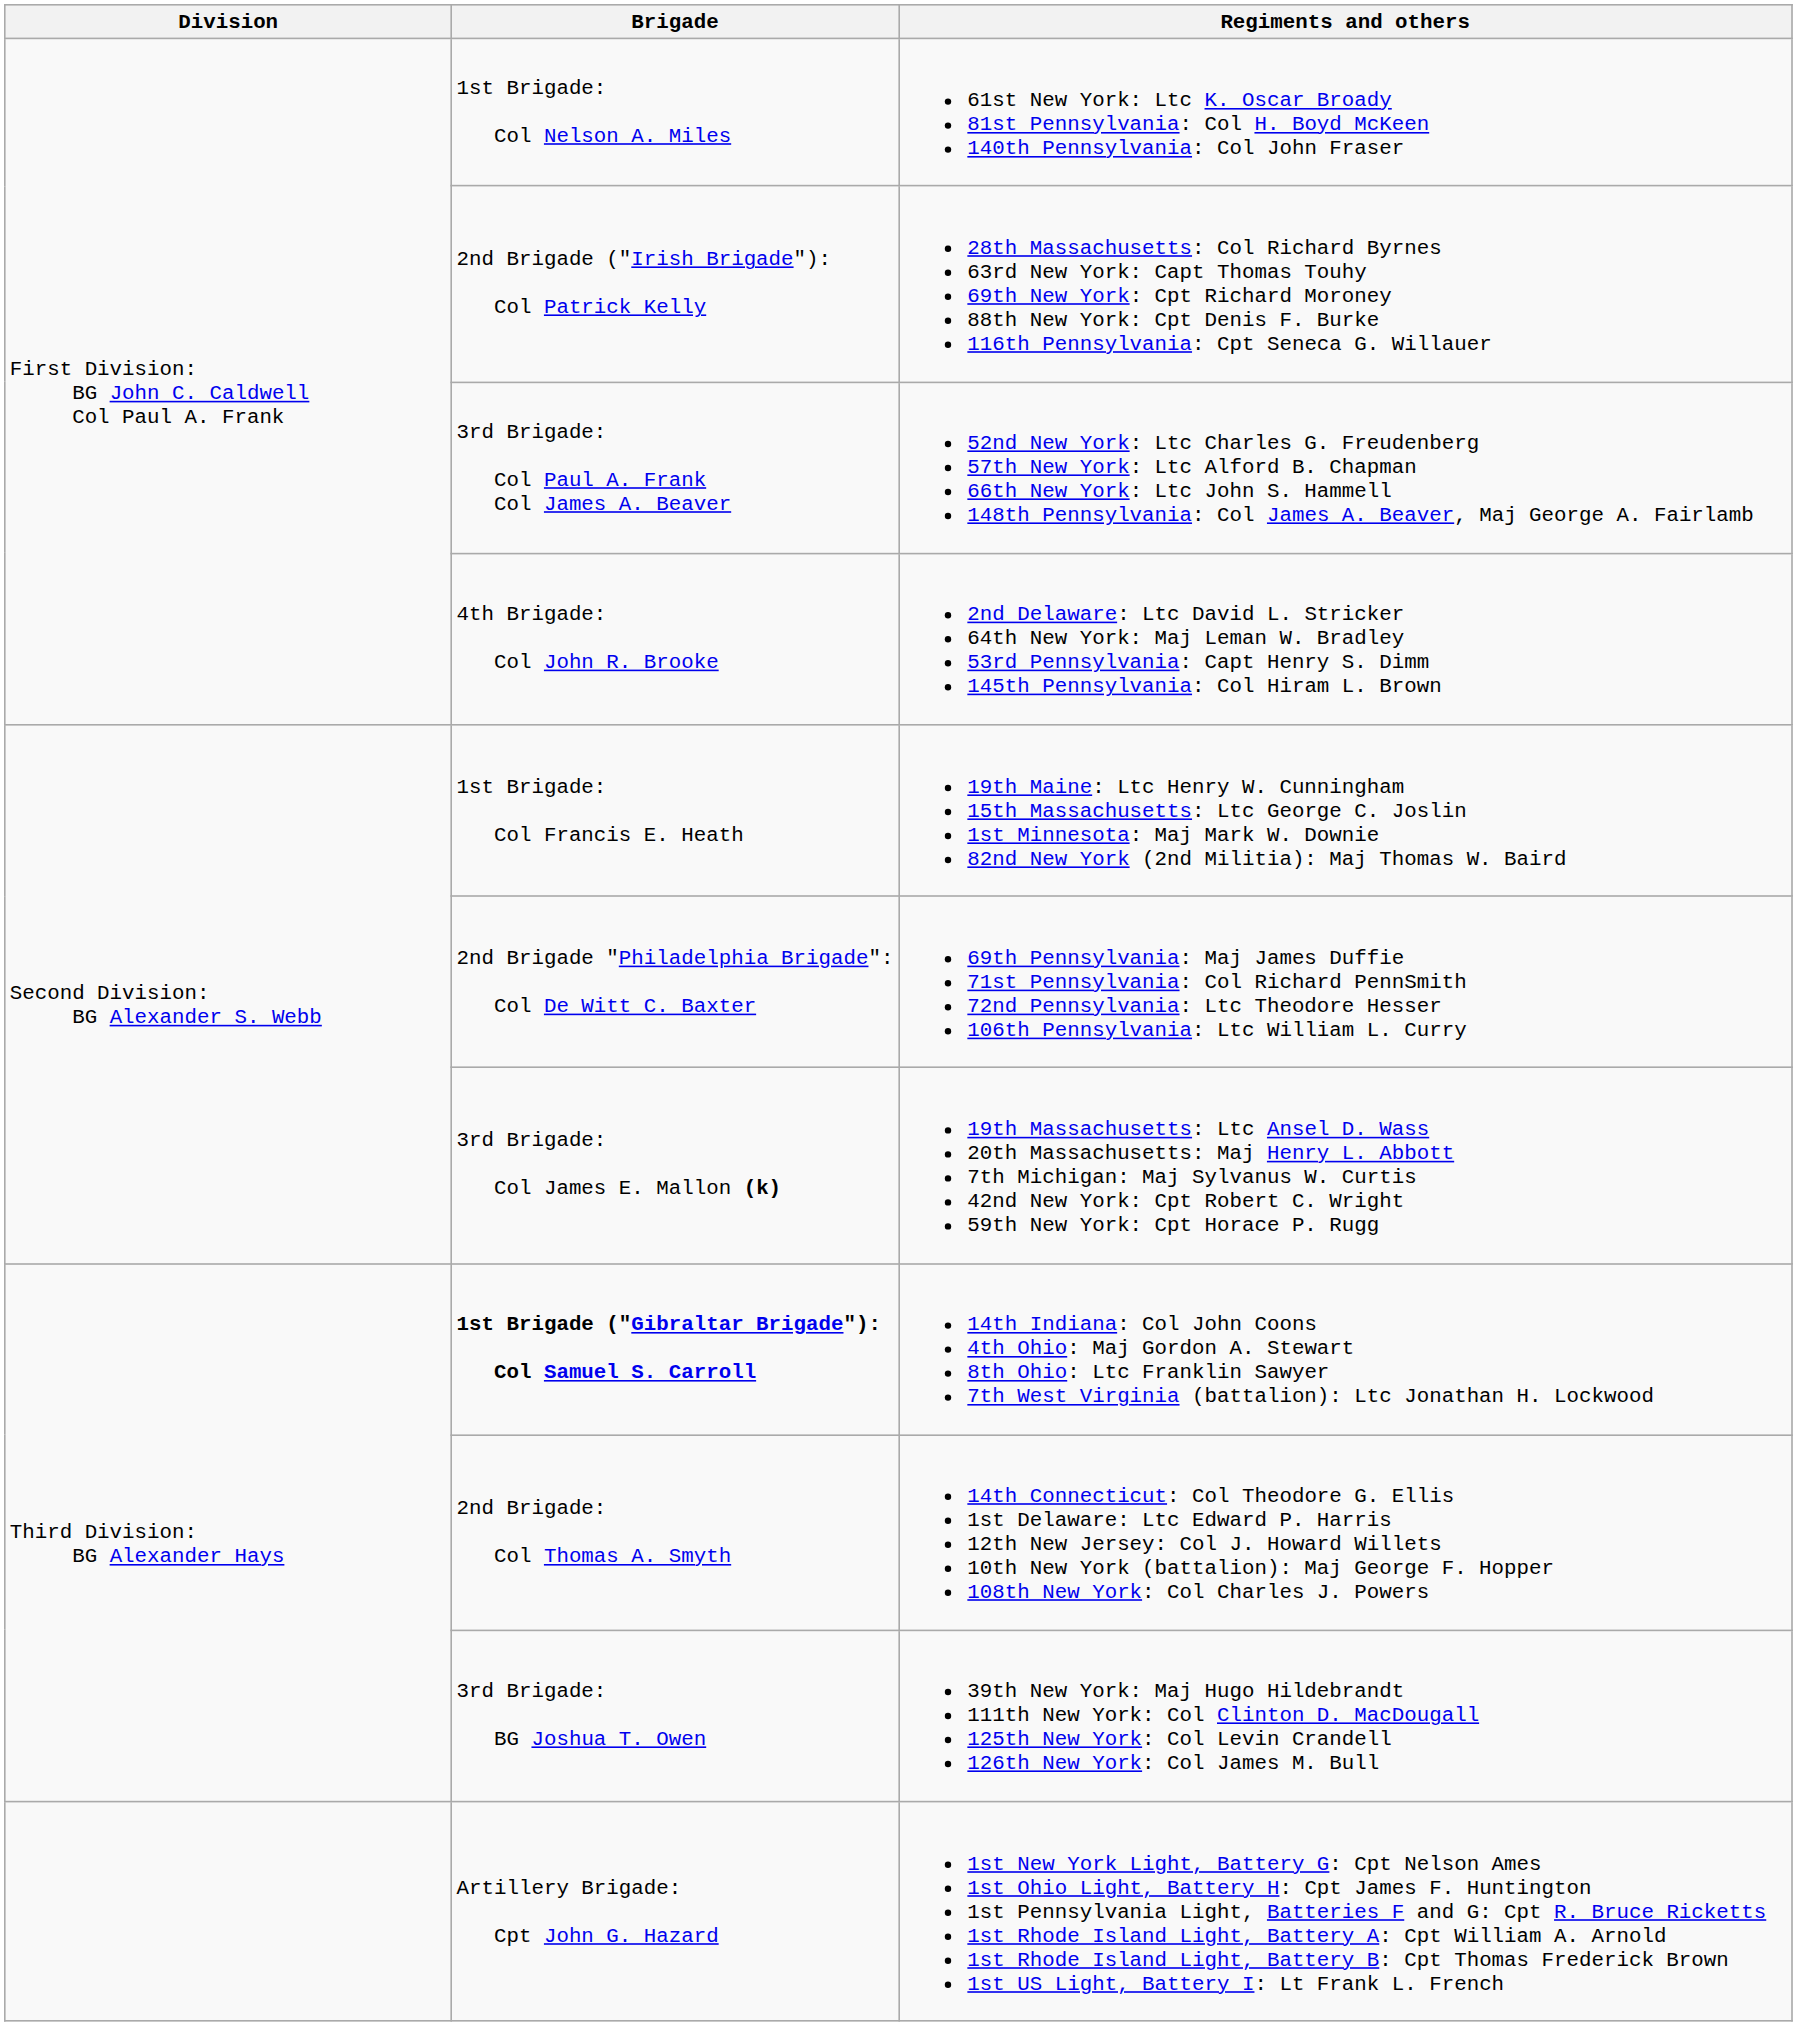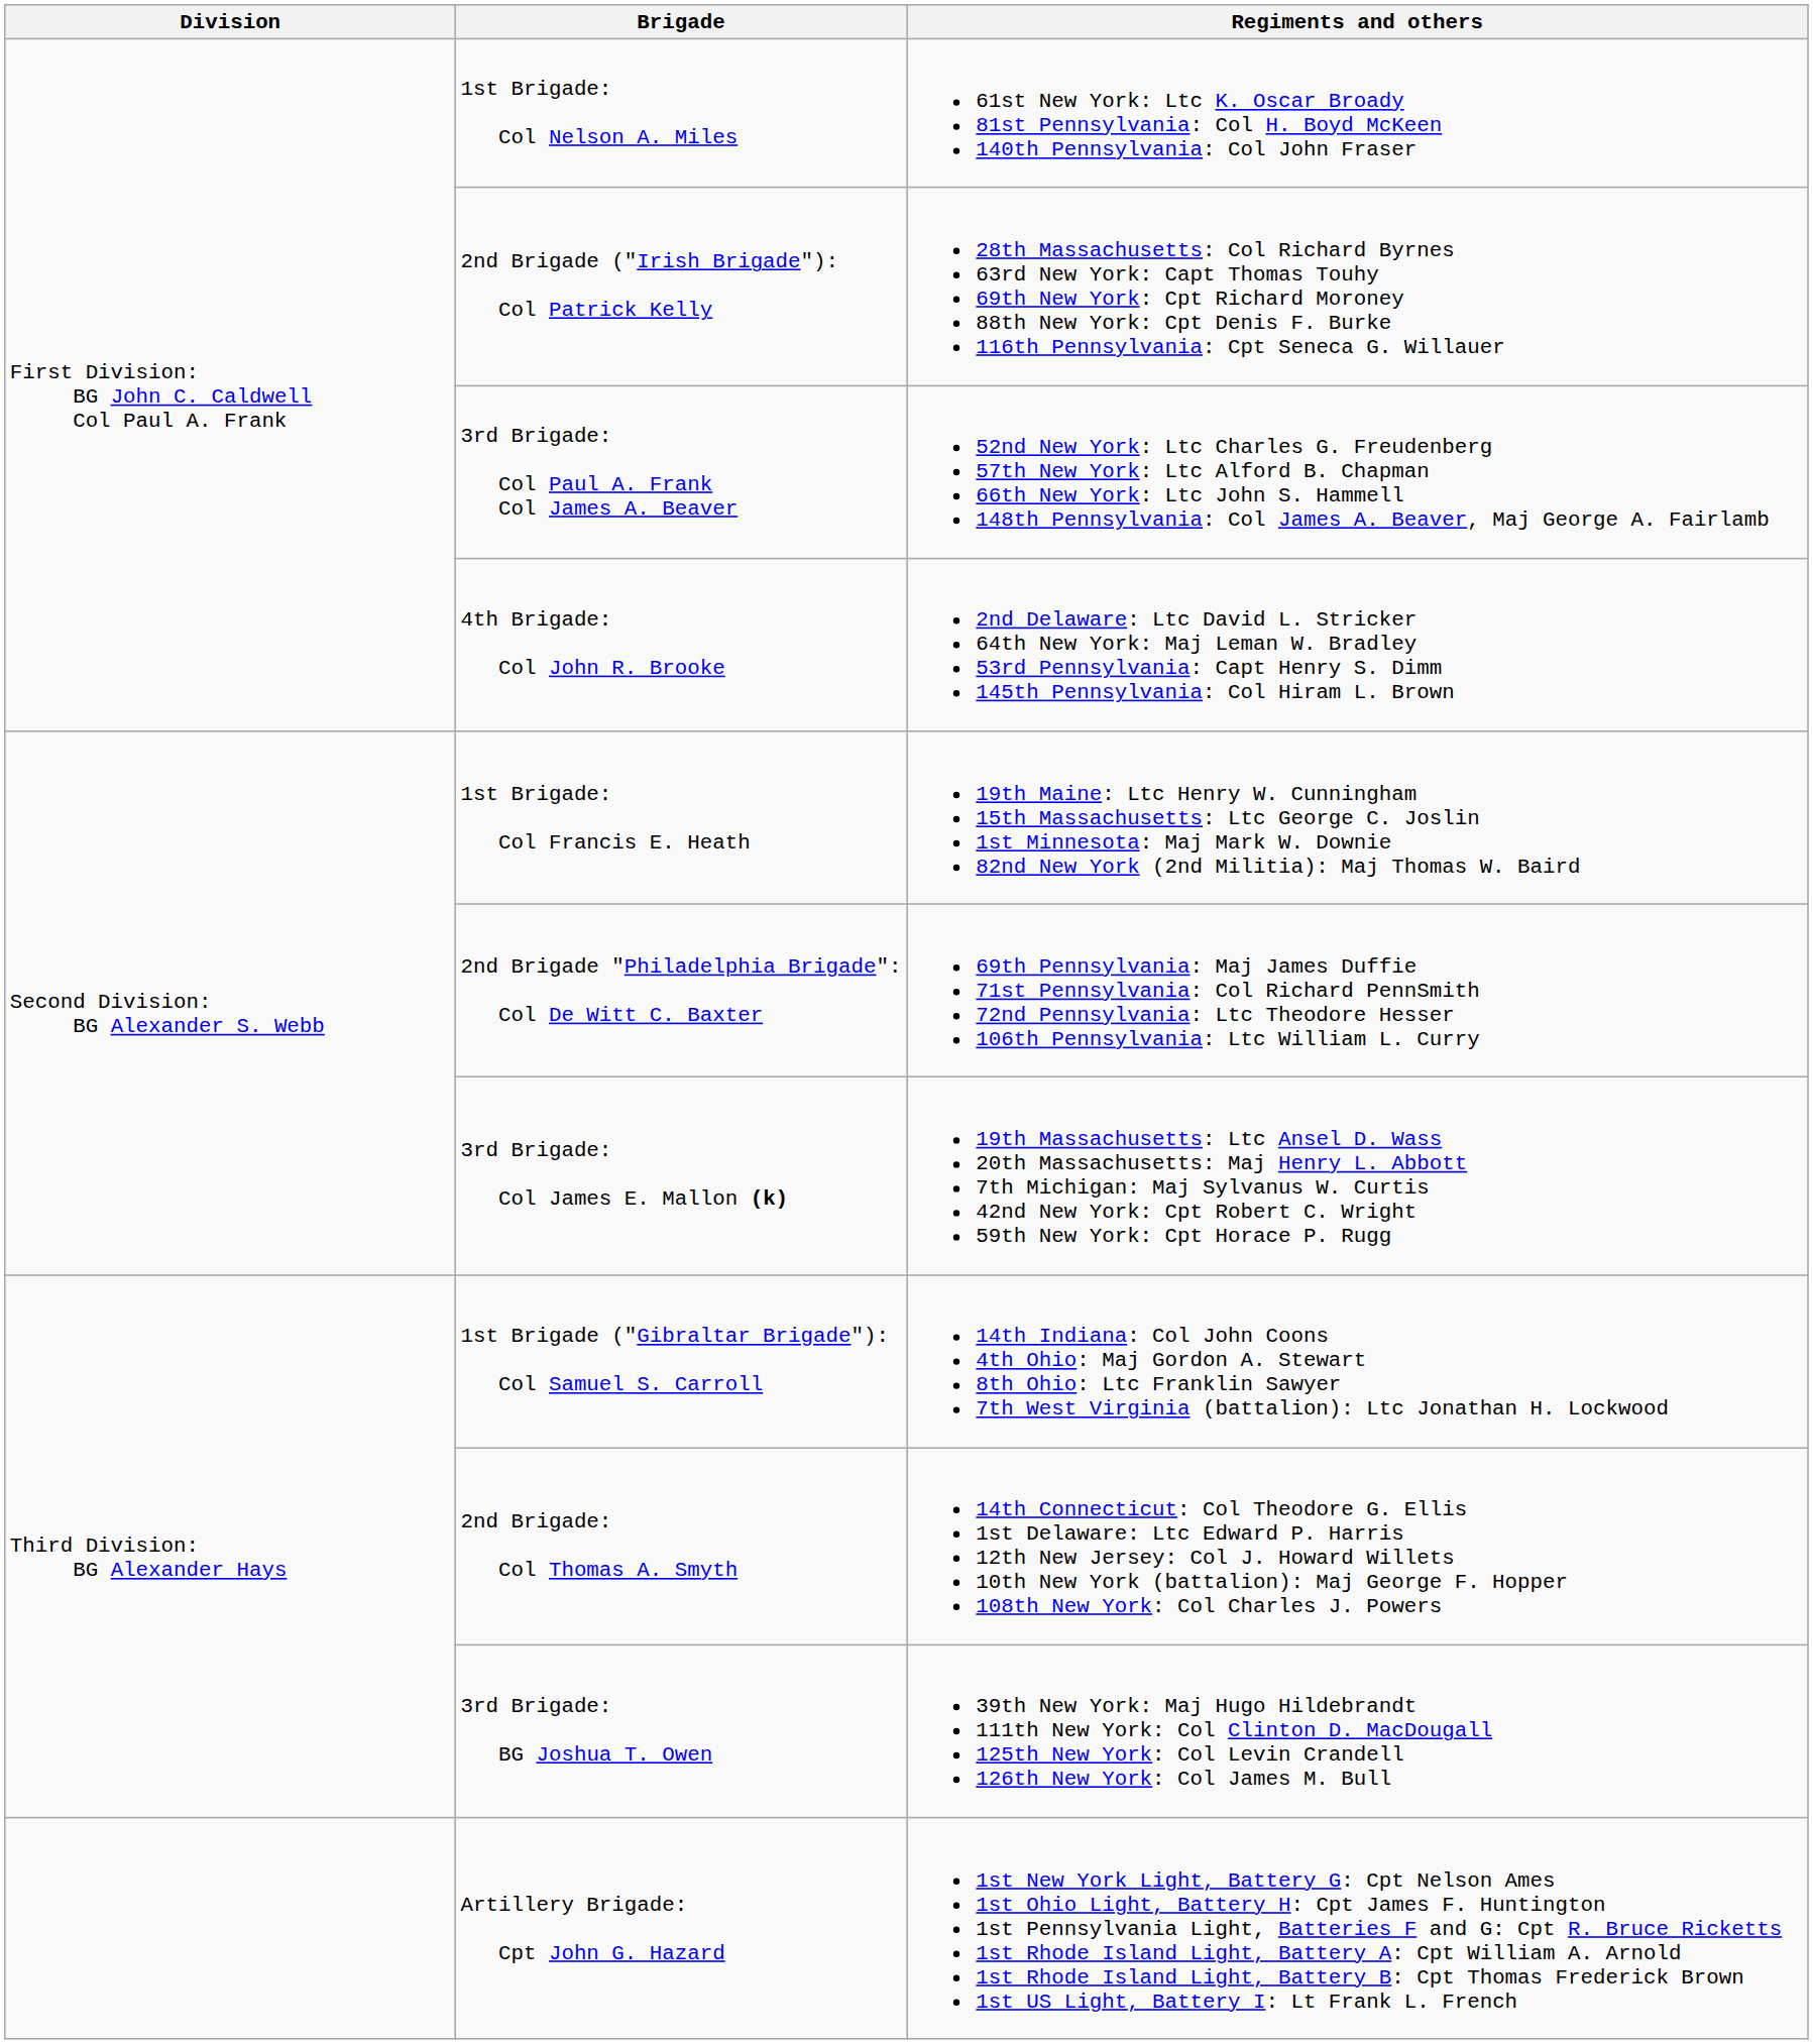 <table class="wikitable">
 <tr>
 <th width=25%>Division</th>
 <th width=25%>Brigade</th>
 <th>Regiments and others</th>
 </tr>
 <tr>
 <td rowspan=4><br>First Division: <br>     BG <a href='#'>John C. Caldwell</a> <br>     Col Paul A. Frank</td>
 <td>1st Brigade:<br><br>   Col <a href='#'>Nelson A. Miles</a></td>
 <td><br><ul><li>61st New York: Ltc <a href='#'>K. Oscar Broady</a></li><li><a href='#'>81st Pennsylvania</a>: Col <a href='#'>H. Boyd McKeen</a></li><li><a href='#'>140th Pennsylvania</a>: Col John Fraser</li></ul></td>
 </tr>
 <tr>
 <td>2nd Brigade ("<a href='#'>Irish Brigade</a>"):<br><br>   Col <a href='#'>Patrick Kelly</a></td>
 <td><br><ul><li><a href='#'>28th Massachusetts</a>: Col Richard Byrnes</li><li>63rd New York: Capt Thomas Touhy</li><li><a href='#'>69th New York</a>: Cpt Richard Moroney</li><li>88th New York: Cpt Denis F. Burke</li><li><a href='#'>116th Pennsylvania</a>: Cpt Seneca G. Willauer</li></ul></td>
 </tr>
 <tr>
 <td>3rd Brigade:<br><br>   Col <a href='#'>Paul A. Frank</a> <br>   Col <a href='#'>James A. Beaver</a></td>
 <td><br><ul><li><a href='#'>52nd New York</a>: Ltc Charles G. Freudenberg</li><li><a href='#'>57th New York</a>: Ltc Alford B. Chapman</li><li><a href='#'>66th New York</a>: Ltc John S. Hammell</li><li><a href='#'>148th Pennsylvania</a>: Col <a href='#'>James A. Beaver</a>, Maj George A. Fairlamb</li></ul></td>
 </tr>
 <tr>
 <td>4th Brigade:<br><br>   Col <a href='#'>John R. Brooke</a></td>
 <td><br><ul><li><a href='#'>2nd Delaware</a>: Ltc David L. Stricker</li><li>64th New York: Maj Leman W. Bradley</li><li><a href='#'>53rd Pennsylvania</a>: Capt Henry S. Dimm</li><li><a href='#'>145th Pennsylvania</a>: Col Hiram L. Brown</li></ul></td>
 </tr>
 <tr>
 <td rowspan=3><br>Second Division: <br>     BG <a href='#'>Alexander S. Webb</a></td>
 <td>1st Brigade:<br><br>   Col Francis E. Heath</td>
 <td><br><ul><li><a href='#'>19th Maine</a>: Ltc Henry W. Cunningham</li><li><a href='#'>15th Massachusetts</a>: Ltc George C. Joslin</li><li><a href='#'>1st Minnesota</a>: Maj Mark W. Downie</li><li><a href='#'>82nd New York</a> (2nd Militia): Maj Thomas W. Baird</li></ul></td>
 </tr>
 <tr>
 <td>2nd Brigade "<a href='#'>Philadelphia Brigade</a>":<br><br>   Col <a href='#'>De Witt C. Baxter</a></td>
 <td><br><ul><li><a href='#'>69th Pennsylvania</a>: Maj James Duffie</li><li><a href='#'>71st Pennsylvania</a>: Col Richard PennSmith</li><li><a href='#'>72nd Pennsylvania</a>: Ltc Theodore Hesser</li><li><a href='#'>106th Pennsylvania</a>: Ltc William L. Curry</li></ul></td>
 </tr>
 <tr>
 <td>3rd Brigade:<br><br>   Col James E. Mallon <strong>(k)</strong></td>
 <td><br><ul><li><a href='#'>19th Massachusetts</a>: Ltc <a href='#'>Ansel D. Wass</a></li><li>20th Massachusetts: Maj <a href='#'>Henry L. Abbott</a></li><li>7th Michigan: Maj Sylvanus W. Curtis</li><li>42nd New York: Cpt Robert C. Wright</li><li>59th New York: Cpt Horace P. Rugg</li></ul></td>
 </tr>
 <tr>
 <td rowspan=3><br>Third Division: <br>     BG <a href='#'>Alexander Hays</a></td>
-<td><strong>1st Brigade ("<a href='#'>Gibraltar Brigade</a>"):<br><br>   Col <a href='#'>Samuel S. Carroll</a></strong></td>
+<td>1st Brigade ("<a href='#'>Gibraltar Brigade</a>"):<br><br>   Col <a href='#'>Samuel S. Carroll</a></td>
 <td><br><ul><li><a href='#'>14th Indiana</a>: Col John Coons</li><li><a href='#'>4th Ohio</a>: Maj Gordon A. Stewart</li><li><a href='#'>8th Ohio</a>: Ltc Franklin Sawyer</li><li><a href='#'>7th West Virginia</a> (battalion): Ltc Jonathan H. Lockwood</li></ul></td>
 </tr>
 <tr>
 <td>2nd Brigade:<br><br>   Col <a href='#'>Thomas A. Smyth</a></td>
 <td><br><ul><li><a href='#'>14th Connecticut</a>: Col Theodore G. Ellis</li><li>1st Delaware: Ltc Edward P. Harris</li><li>12th New Jersey: Col J. Howard Willets</li><li>10th New York (battalion): Maj George F. Hopper</li><li><a href='#'>108th New York</a>: Col Charles J. Powers</li></ul></td>
 </tr>
 <tr>
 <td>3rd Brigade:<br><br>   BG <a href='#'>Joshua T. Owen</a></td>
 <td><br><ul><li>39th New York: Maj Hugo Hildebrandt</li><li>111th New York: Col <a href='#'>Clinton D. MacDougall</a></li><li><a href='#'>125th New York</a>: Col Levin Crandell</li><li><a href='#'>126th New York</a>: Col James M. Bull</li></ul></td>
 </tr>
 <tr>
 <td></td>
 <td>Artillery Brigade:<br><br>   Cpt <a href='#'>John G. Hazard</a></td>
 <td><br><ul><li><a href='#'>1st New York Light, Battery G</a>: Cpt Nelson Ames</li><li><a href='#'>1st Ohio Light, Battery H</a>: Cpt James F. Huntington</li><li>1st Pennsylvania Light, <a href='#'>Batteries F</a> and G: Cpt <a href='#'>R. Bruce Ricketts</a></li><li><a href='#'>1st Rhode Island Light, Battery A</a>: Cpt William A. Arnold</li><li><a href='#'>1st Rhode Island Light, Battery B</a>: Cpt Thomas Frederick Brown</li><li><a href='#'>1st US Light, Battery I</a>: Lt Frank L. French</li></ul></td>
 </tr>
 </table>
